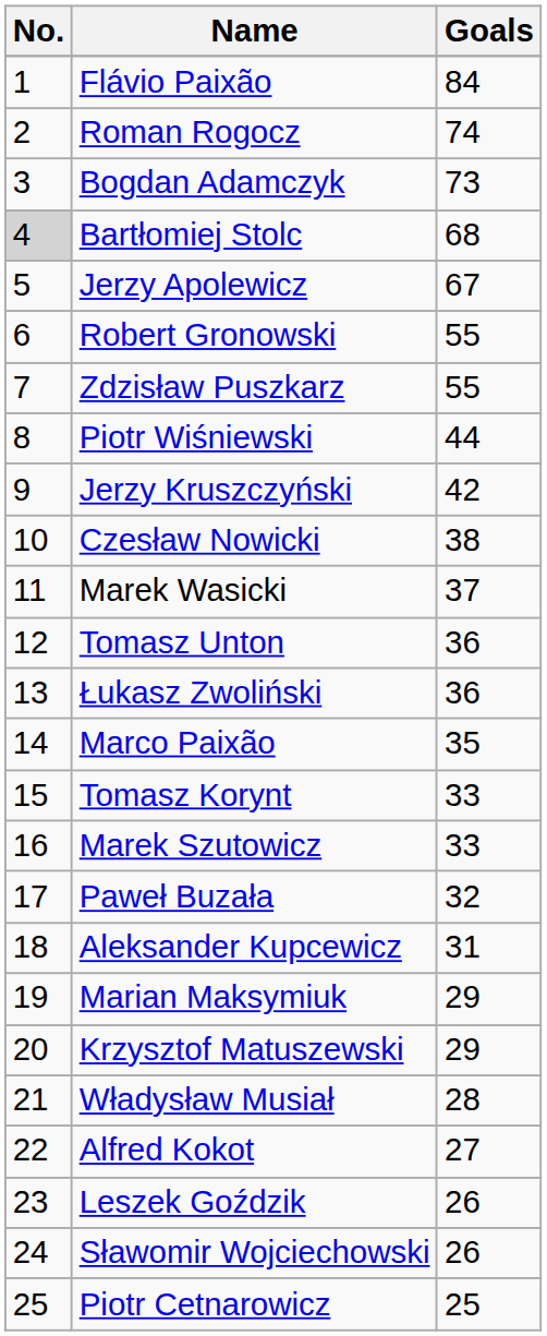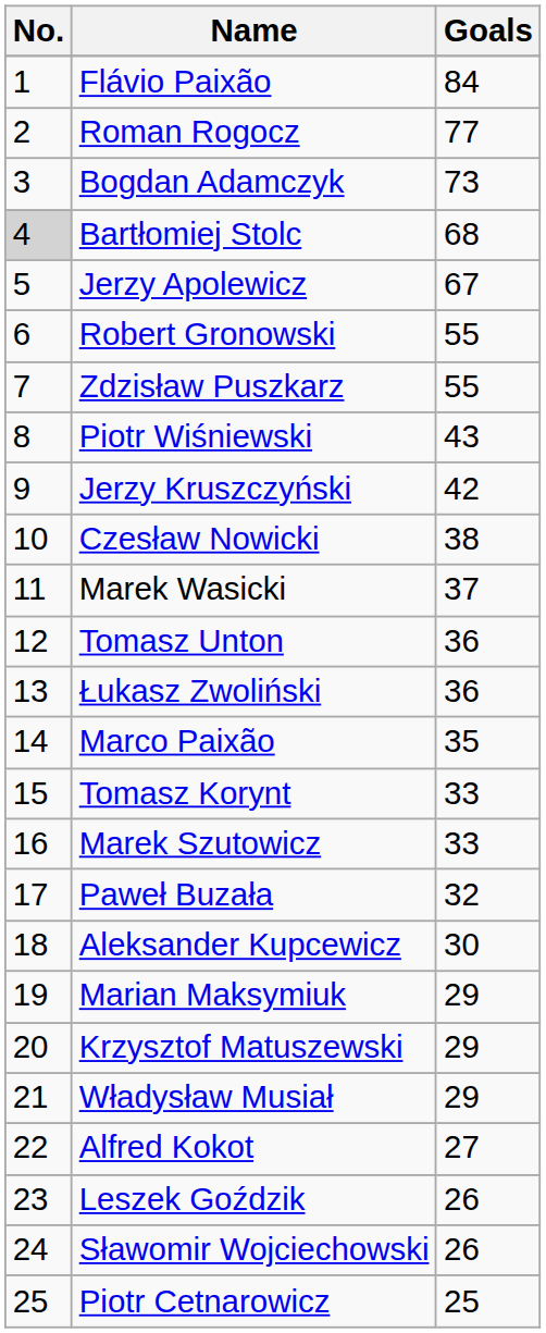 <table class="wikitable" style="display: inline-table;">
 <tr>
 <th>No.</th>
 <th>Name</th>
 <th>Goals</th>
 </tr>
 <tr>
 </tr>
 <tr>
 <td>1</td>
 <td><a href='#'>Flávio Paixão</a></td>
 <td>84</td>
 </tr>
 <tr>
 <td>2</td>
 <td><a href='#'>Roman Rogocz</a></td>
-<td>74</td>
+<td>77</td>
 </tr>
 <tr>
 <td>3</td>
 <td><a href='#'>Bogdan Adamczyk</a></td>
 <td>73</td>
 </tr>
 <tr>
 <td style="background: lightgrey;">4</td>
 <td><a href='#'>Bartłomiej Stolc</a></td>
 <td>68</td>
 </tr>
 <tr>
 <td>5</td>
 <td><a href='#'>Jerzy Apolewicz</a></td>
 <td>67</td>
 </tr>
 <tr>
 <td>6</td>
 <td><a href='#'>Robert Gronowski</a></td>
 <td>55</td>
 </tr>
 <tr>
 <td>7</td>
 <td><a href='#'>Zdzisław Puszkarz</a></td>
 <td>55</td>
 </tr>
 <tr>
 <td>8</td>
 <td><a href='#'>Piotr Wiśniewski</a></td>
-<td>44</td>
+<td>43</td>
 </tr>
 <tr>
 <td>9</td>
 <td><a href='#'>Jerzy Kruszczyński</a></td>
 <td>42</td>
 </tr>
 <tr>
 <td>10</td>
 <td><a href='#'>Czesław Nowicki</a></td>
 <td>38</td>
 </tr>
 <tr>
 <td>11</td>
 <td>Marek Wasicki</td>
 <td>37</td>
 </tr>
 <tr>
 <td>12</td>
 <td><a href='#'>Tomasz Unton</a></td>
 <td>36</td>
 </tr>
 <tr>
 <td>13</td>
 <td><a href='#'>Łukasz Zwoliński</a></td>
 <td>36</td>
 </tr>
 <tr>
 <td>14</td>
 <td><a href='#'>Marco Paixão</a></td>
 <td>35</td>
 </tr>
 <tr>
 <td>15</td>
 <td><a href='#'>Tomasz Korynt</a></td>
 <td>33</td>
 </tr>
 <tr>
 <td>16</td>
 <td><a href='#'>Marek Szutowicz</a></td>
 <td>33</td>
 </tr>
 <tr>
 <td>17</td>
 <td><a href='#'>Paweł Buzała</a></td>
 <td>32</td>
 </tr>
 <tr>
 <td>18</td>
 <td><a href='#'>Aleksander Kupcewicz</a></td>
-<td>31</td>
+<td>30</td>
 </tr>
 <tr>
 <td>19</td>
 <td><a href='#'>Marian Maksymiuk</a></td>
 <td>29</td>
 </tr>
 <tr>
 <td>20</td>
 <td><a href='#'>Krzysztof Matuszewski</a></td>
 <td>29</td>
 </tr>
 <tr>
 <td>21</td>
 <td><a href='#'>Władysław Musiał</a></td>
-<td>28</td>
+<td>29</td>
 </tr>
 <tr>
 <td>22</td>
 <td><a href='#'>Alfred Kokot</a></td>
 <td>27</td>
 </tr>
 <tr>
 <td>23</td>
 <td><a href='#'>Leszek Goździk</a></td>
 <td>26</td>
 </tr>
 <tr>
 <td>24</td>
 <td><a href='#'>Sławomir Wojciechowski</a></td>
 <td>26</td>
 </tr>
 <tr>
 <td>25</td>
 <td><a href='#'>Piotr Cetnarowicz</a></td>
 <td>25</td>
 </tr>
 </table>
